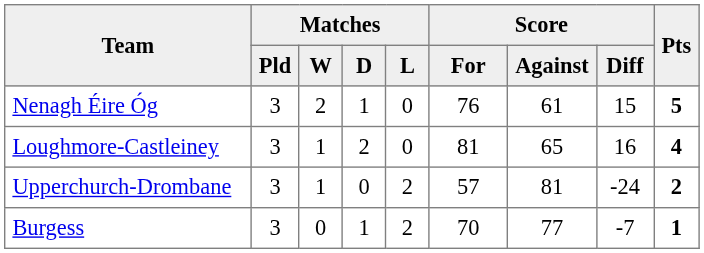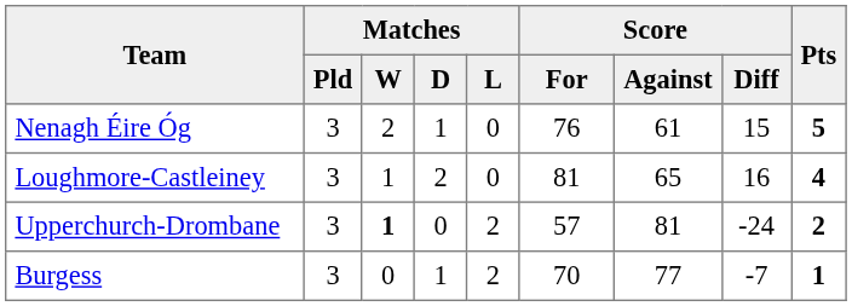 <table style=border-collapse:collapse border=1 cellspacing=0 cellpadding=5>
 <tr align=center bgcolor=#efefef>
 <th rowspan=2 width=165>Team</th>
 <th colspan=4>Matches</th>
 <th colspan=3>Score</th>
 <th rowspan=2width=20>Pts</th>
 </tr>
 <tr align=center bgcolor=#efefef>
 <th width=20>Pld</th>
 <th width=20>W</th>
 <th width=20>D</th>
 <th width=20>L</th>
 <th width=45>For</th>
 <th width=45>Against</th>
 <th width=30>Diff</th>
 </tr>
 <tr align=center>
 <td style="text-align:left;"><a href='#'>Nenagh Éire Óg</a></td>
 <td>3</td>
 <td>2</td>
 <td>1</td>
 <td>0</td>
 <td>76</td>
 <td>61</td>
 <td>15</td>
 <td><strong>5</strong></td>
 </tr>
 <tr align=center>
 <td style="text-align:left;"><a href='#'>Loughmore-Castleiney</a></td>
 <td>3</td>
 <td>1</td>
 <td>2</td>
 <td>0</td>
 <td>81</td>
 <td>65</td>
 <td>16</td>
 <td><strong>4</strong></td>
 </tr>
 <tr align=center>
 <td style="text-align:left;"><a href='#'>Upperchurch-Drombane</a></td>
 <td>3</td>
-<td>1</td>
+<td><strong>1</strong></td>
 <td>0</td>
 <td>2</td>
 <td>57</td>
 <td>81</td>
 <td>-24</td>
 <td><strong>2</strong></td>
 </tr>
 <tr align=center>
 <td style="text-align:left;"><a href='#'>Burgess</a></td>
 <td>3</td>
 <td>0</td>
 <td>1</td>
 <td>2</td>
 <td>70</td>
 <td>77</td>
 <td>-7</td>
 <td><strong>1</strong></td>
 </tr>
 </table>
